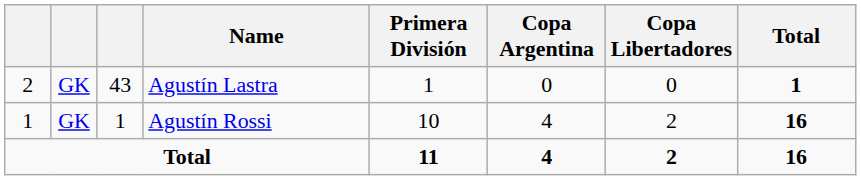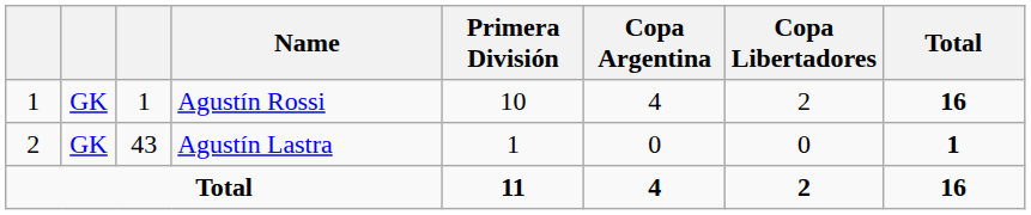 <table class="wikitable sortable" style="font-size: 95%; text-align: center;">
 <tr>
 <th width=25></th>
 <th width=25></th>
 <th width=25></th>
 <th width=150>Name</th>
 <th width= 75>Primera División</th>
 <th width= 75>Copa Argentina</th>
 <th width= 75>Copa Libertadores</th>
 <th width= 75>Total</th>
 </tr>
 <tr>
+<td>1</td>
+<td><a href='#'>GK</a></td>
+<td>1</td>
+<td align=left> <a href='#'>Agustín Rossi</a></td>
+<td>10</td>
+<td>4</td>
+<td>2</td>
+<td><strong>16</strong></td>
+</tr>
+<tr>
 <td>2</td>
 <td><a href='#'>GK</a></td>
 <td>43</td>
 <td align=left> <a href='#'>Agustín Lastra</a></td>
 <td>1</td>
 <td>0</td>
 <td>0</td>
 <td><strong>1</strong></td>
 </tr>
-<tr>
-<td>1</td>
-<td><a href='#'>GK</a></td>
-<td>1</td>
-<td align=left> <a href='#'>Agustín Rossi</a></td>
-<td>10</td>
-<td>4</td>
-<td>2</td>
-<td><strong>16</strong></td>
-</tr>
 <tr align=center>
 <td colspan=4><strong>Total</strong></td>
 <td><strong>11</strong></td>
 <td><strong>4</strong></td>
 <td><strong>2</strong></td>
 <td><strong>16</strong></td>
 </tr>
 </table>
